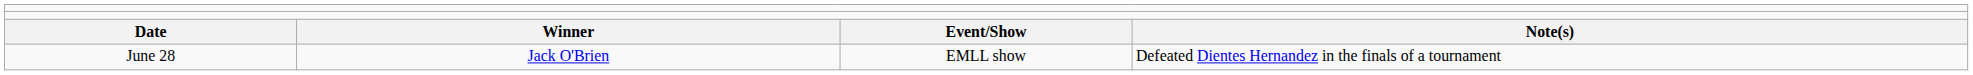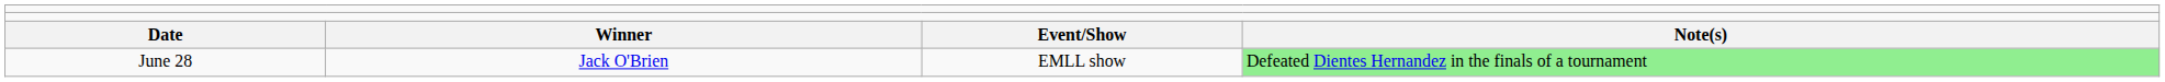 <table class="wikitable" style="text-align:center; width:100%;">
 <tr>
 <td colspan=5></td>
 </tr>
 <tr>
 <td colspan=5><strong></strong></td>
 </tr>
 <tr>
 <th width=14%>Date</th>
 <th width=26%>Winner</th>
 <th width=14%>Event/Show</th>
 <th width=40%>Note(s)</th>
 </tr>
 <tr>
 <td>June 28</td>
 <td><a href='#'>Jack O'Brien</a></td>
 <td>EMLL show</td>
-<td align=left>Defeated <a href='#'>Dientes Hernandez</a> in the finals of a tournament</td>
+<td align=left style="background: lightgreen;">Defeated <a href='#'>Dientes Hernandez</a> in the finals of a tournament</td>
 </tr>
 </table>
